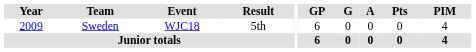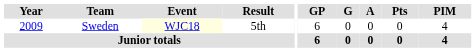 <table border="0" cellpadding="1" cellspacing="0" ID="Table3" style="text-align:center; width:40em">
 <tr ALIGN="center" bgcolor="#e0e0e0">
 <th>Year</th>
 <th>Team</th>
 <th>Event</th>
 <th>Result</th>
 <th rowspan="99" bgcolor="#ffffff"></th>
 <th>GP</th>
 <th>G</th>
 <th>A</th>
 <th>Pts</th>
 <th>PIM</th>
 </tr>
 <tr>
 <td><a href='#'>2009</a></td>
 <td><a href='#'>Sweden</a></td>
-<td><a href='#'>WJC18</a></td>
+<td style="background: lightyellow;"><a href='#'>WJC18</a></td>
 <td>5th</td>
 <td>6</td>
 <td>0</td>
 <td>0</td>
 <td>0</td>
 <td>4</td>
 </tr>
 <tr bgcolor="#e0e0e0">
 <th colspan="4">Junior totals</th>
 <th>6</th>
 <th>0</th>
 <th>0</th>
 <th>0</th>
 <th>4</th>
 </tr>
 </table>
